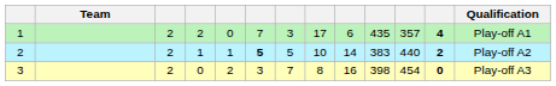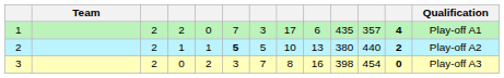 <table class=wikitable style="text-align:center" width=730>
 <tr>
 <th width=5.5%></th>
 <th width=22%>Team</th>
 <th width=5.5%></th>
 <th width=5.5%></th>
 <th width=5.5%></th>
 <th width=5.5%></th>
 <th width=5.5%></th>
 <th width=5.5%></th>
 <th width=5.5%></th>
 <th width=5.5%></th>
 <th width=5.5%></th>
 <th width=5.5%></th>
 <th width=18%>Qualification</th>
 </tr>
 <tr bgcolor=#bbf3bb>
 <td>1</td>
 <td style="text-align:left"></td>
 <td>2</td>
 <td>2</td>
 <td>0</td>
 <td>7</td>
 <td>3</td>
 <td>17</td>
 <td>6</td>
 <td>435</td>
 <td>357</td>
 <td><strong>4</strong></td>
 <td>Play-off A1</td>
 </tr>
 <tr bgcolor=#bbf3ff>
 <td>2</td>
 <td style="text-align:left"></td>
 <td>2</td>
 <td>1</td>
 <td>1</td>
 <td><strong>5</strong></td>
 <td>5</td>
 <td>10</td>
-<td>14</td>
-<td>383</td>
+<td>13</td>
+<td>380</td>
 <td>440</td>
 <td><strong>2</strong></td>
 <td>Play-off A2</td>
 </tr>
 <tr bgcolor=#ffffbb>
 <td>3</td>
 <td style="text-align:left"></td>
 <td>2</td>
 <td>0</td>
 <td>2</td>
 <td>3</td>
 <td>7</td>
 <td>8</td>
 <td>16</td>
 <td>398</td>
 <td>454</td>
 <td><strong>0</strong></td>
 <td>Play-off A3</td>
 </tr>
 </table>
